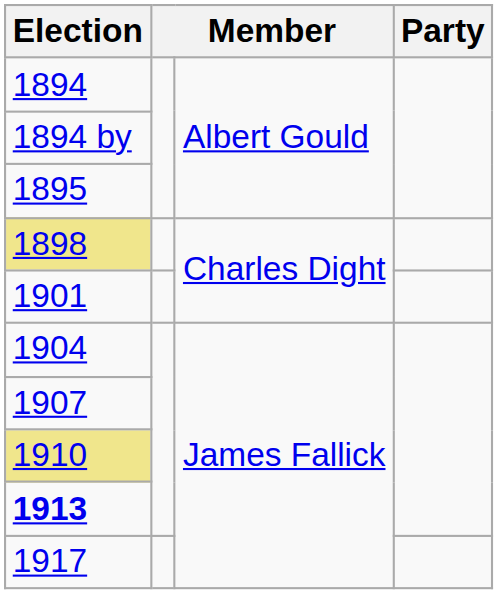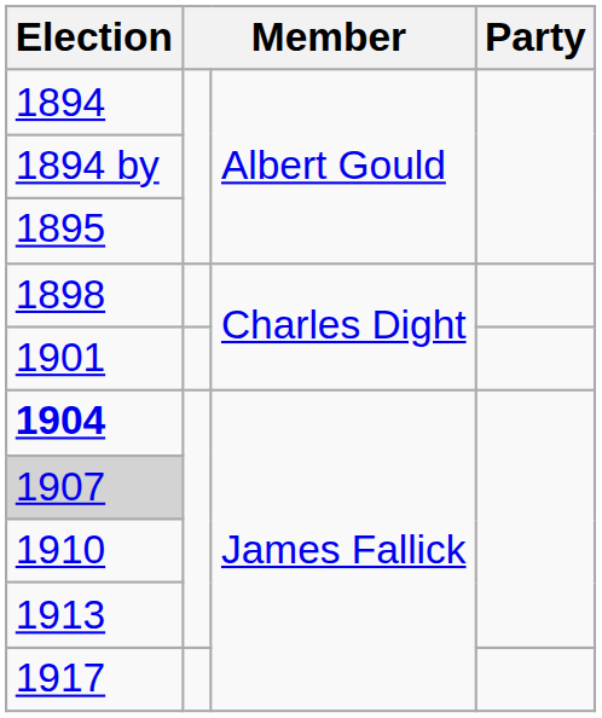 <table class="wikitable">
 <tr>
 <th>Election</th>
 <th colspan="2">Member</th>
 <th>Party</th>
 </tr>
 <tr>
 <td><a href='#'>1894</a></td>
 <td rowspan="3" > </td>
 <td rowspan="3"><a href='#'>Albert Gould</a></td>
 <td rowspan="3"></td>
 </tr>
 <tr>
 <td><a href='#'>1894 by</a></td>
 </tr>
 <tr>
 <td><a href='#'>1895</a></td>
 </tr>
 <tr>
-<td style="background: khaki;"><a href='#'>1898</a></td>
+<td><a href='#'>1898</a></td>
 <td> </td>
 <td rowspan="2"><a href='#'>Charles Dight</a></td>
 <td></td>
 </tr>
 <tr>
 <td><a href='#'>1901</a></td>
 <td> </td>
 <td></td>
 </tr>
 <tr>
-<td><a href='#'>1904</a></td>
+<td><strong><a href='#'>1904</a></strong></td>
 <td rowspan="4" > </td>
 <td rowspan="5"><a href='#'>James Fallick</a></td>
 <td rowspan="4"></td>
 </tr>
 <tr>
-<td><a href='#'>1907</a></td>
+<td style="background: lightgrey;"><a href='#'>1907</a></td>
 </tr>
 <tr>
-<td style="background: khaki;"><a href='#'>1910</a></td>
+<td><a href='#'>1910</a></td>
 </tr>
 <tr>
-<td><strong><a href='#'>1913</a></strong></td>
+<td><a href='#'>1913</a></td>
 </tr>
 <tr>
 <td><a href='#'>1917</a></td>
 <td> </td>
 <td></td>
 </tr>
 </table>
